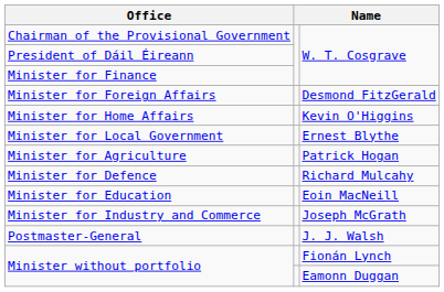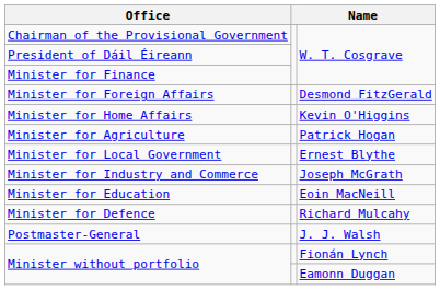 <table class="wikitable">
 <tr>
 <th>Office</th>
 <th colspan="2">Name</th>
 </tr>
 <tr>
 <td><a href='#'>Chairman of the Provisional Government</a></td>
 <td rowspan=3 style="background-color: "></td>
 <td rowspan=3><a href='#'>W. T. Cosgrave</a></td>
 </tr>
 <tr>
 <td><a href='#'>President of Dáil Éireann</a></td>
 </tr>
 <tr>
 <td><a href='#'>Minister for Finance</a></td>
 </tr>
 <tr>
 <td><a href='#'>Minister for Foreign Affairs</a></td>
 <td style="background-color: "></td>
 <td><a href='#'>Desmond FitzGerald</a></td>
 </tr>
 <tr>
 <td><a href='#'>Minister for Home Affairs</a></td>
 <td style="background-color: "></td>
 <td><a href='#'>Kevin O'Higgins</a></td>
 </tr>
 <tr>
+<td><a href='#'>Minister for Agriculture</a></td>
+<td style="background-color: "></td>
+<td><a href='#'>Patrick Hogan</a></td>
+</tr>
+<tr>
 <td><a href='#'>Minister for Local Government</a></td>
 <td style="background-color: "></td>
 <td><a href='#'>Ernest Blythe</a></td>
 </tr>
 <tr>
-<td><a href='#'>Minister for Agriculture</a></td>
+<td><a href='#'>Minister for Industry and Commerce</a></td>
 <td style="background-color: "></td>
-<td><a href='#'>Patrick Hogan</a></td>
-</tr>
-<tr>
-<td><a href='#'>Minister for Defence</a></td>
-<td style="background-color: "></td>
-<td><a href='#'>Richard Mulcahy</a></td>
+<td><a href='#'>Joseph McGrath</a></td>
 </tr>
 <tr>
 <td><a href='#'>Minister for Education</a></td>
 <td style="background-color: "></td>
 <td><a href='#'>Eoin MacNeill</a></td>
 </tr>
 <tr>
-<td><a href='#'>Minister for Industry and Commerce</a></td>
+<td><a href='#'>Minister for Defence</a></td>
 <td style="background-color: "></td>
-<td><a href='#'>Joseph McGrath</a></td>
+<td><a href='#'>Richard Mulcahy</a></td>
 </tr>
 <tr>
 <td><a href='#'>Postmaster-General</a></td>
 <td style="background-color: "></td>
 <td><a href='#'>J. J. Walsh</a></td>
 </tr>
 <tr>
 <td rowspan=2><a href='#'>Minister without portfolio</a></td>
 <td style="background-color: "></td>
 <td><a href='#'>Fionán Lynch</a></td>
 </tr>
 <tr>
 <td style="background-color: "></td>
 <td><a href='#'>Eamonn Duggan</a></td>
 </tr>
 </table>
